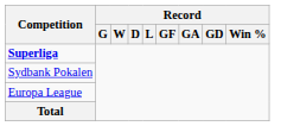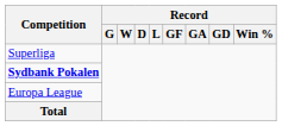 <table class="wikitable" style="text-align: center">
 <tr>
 <th rowspan="2">Competition</th>
 <th colspan="9">Record</th>
 </tr>
 <tr>
 <th>G</th>
 <th>W</th>
 <th>D</th>
 <th>L</th>
 <th>GF</th>
 <th>GA</th>
 <th>GD</th>
 <th>Win %</th>
 </tr>
 <tr>
-<td style="text-align: left"><strong><a href='#'>Superliga</a><br></strong></td>
+<td style="text-align: left"><a href='#'>Superliga</a><br></td>
 </tr>
 <tr>
-<td style="text-align: left"><a href='#'>Sydbank Pokalen</a><br></td>
+<td style="text-align: left"><strong><a href='#'>Sydbank Pokalen</a><br></strong></td>
 </tr>
 <tr>
 <td style="text-align: left"><a href='#'>Europa League</a><br></td>
 </tr>
 <tr>
 <th>Total<br></th>
 </tr>
 </table>
